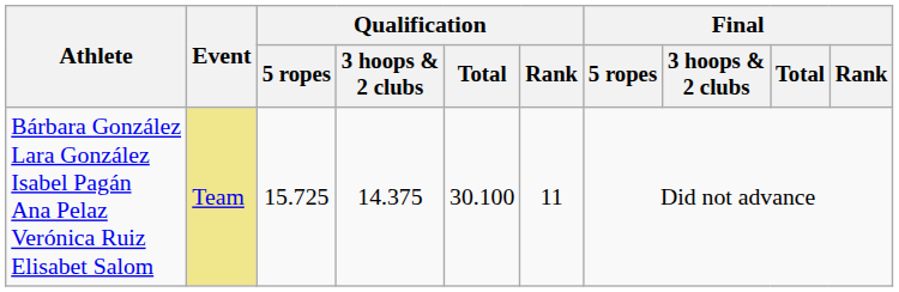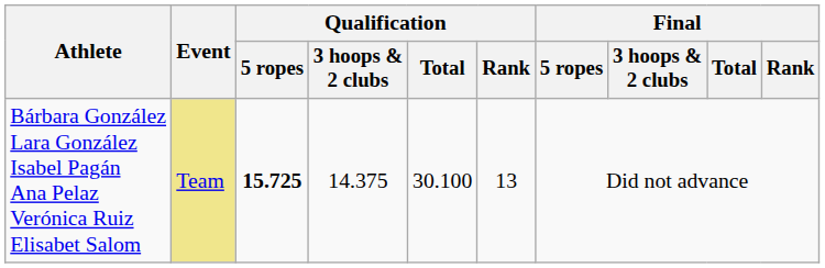 <table class="wikitable" style="font-size:90%">
 <tr>
 <th rowspan="2">Athlete</th>
 <th rowspan="2">Event</th>
 <th colspan="4">Qualification</th>
 <th colspan="4">Final</th>
 </tr>
 <tr style="font-size:95%">
 <th>5 ropes</th>
 <th>3 hoops &<br>2 clubs</th>
 <th>Total</th>
 <th>Rank</th>
 <th>5 ropes</th>
 <th>3 hoops &<br>2 clubs</th>
 <th>Total</th>
 <th>Rank</th>
 </tr>
 <tr align=center>
 <td align=left><a href='#'>Bárbara González</a><br><a href='#'>Lara González</a><br><a href='#'>Isabel Pagán</a><br><a href='#'>Ana Pelaz</a><br> <a href='#'>Verónica Ruiz</a><br><a href='#'>Elisabet Salom</a></td>
 <td align=left style="background: khaki;"><a href='#'>Team</a></td>
-<td>15.725</td>
+<td><strong>15.725</strong></td>
 <td>14.375</td>
 <td>30.100</td>
-<td>11</td>
+<td>13</td>
 <td colspan=4>Did not advance</td>
 </tr>
 </table>
